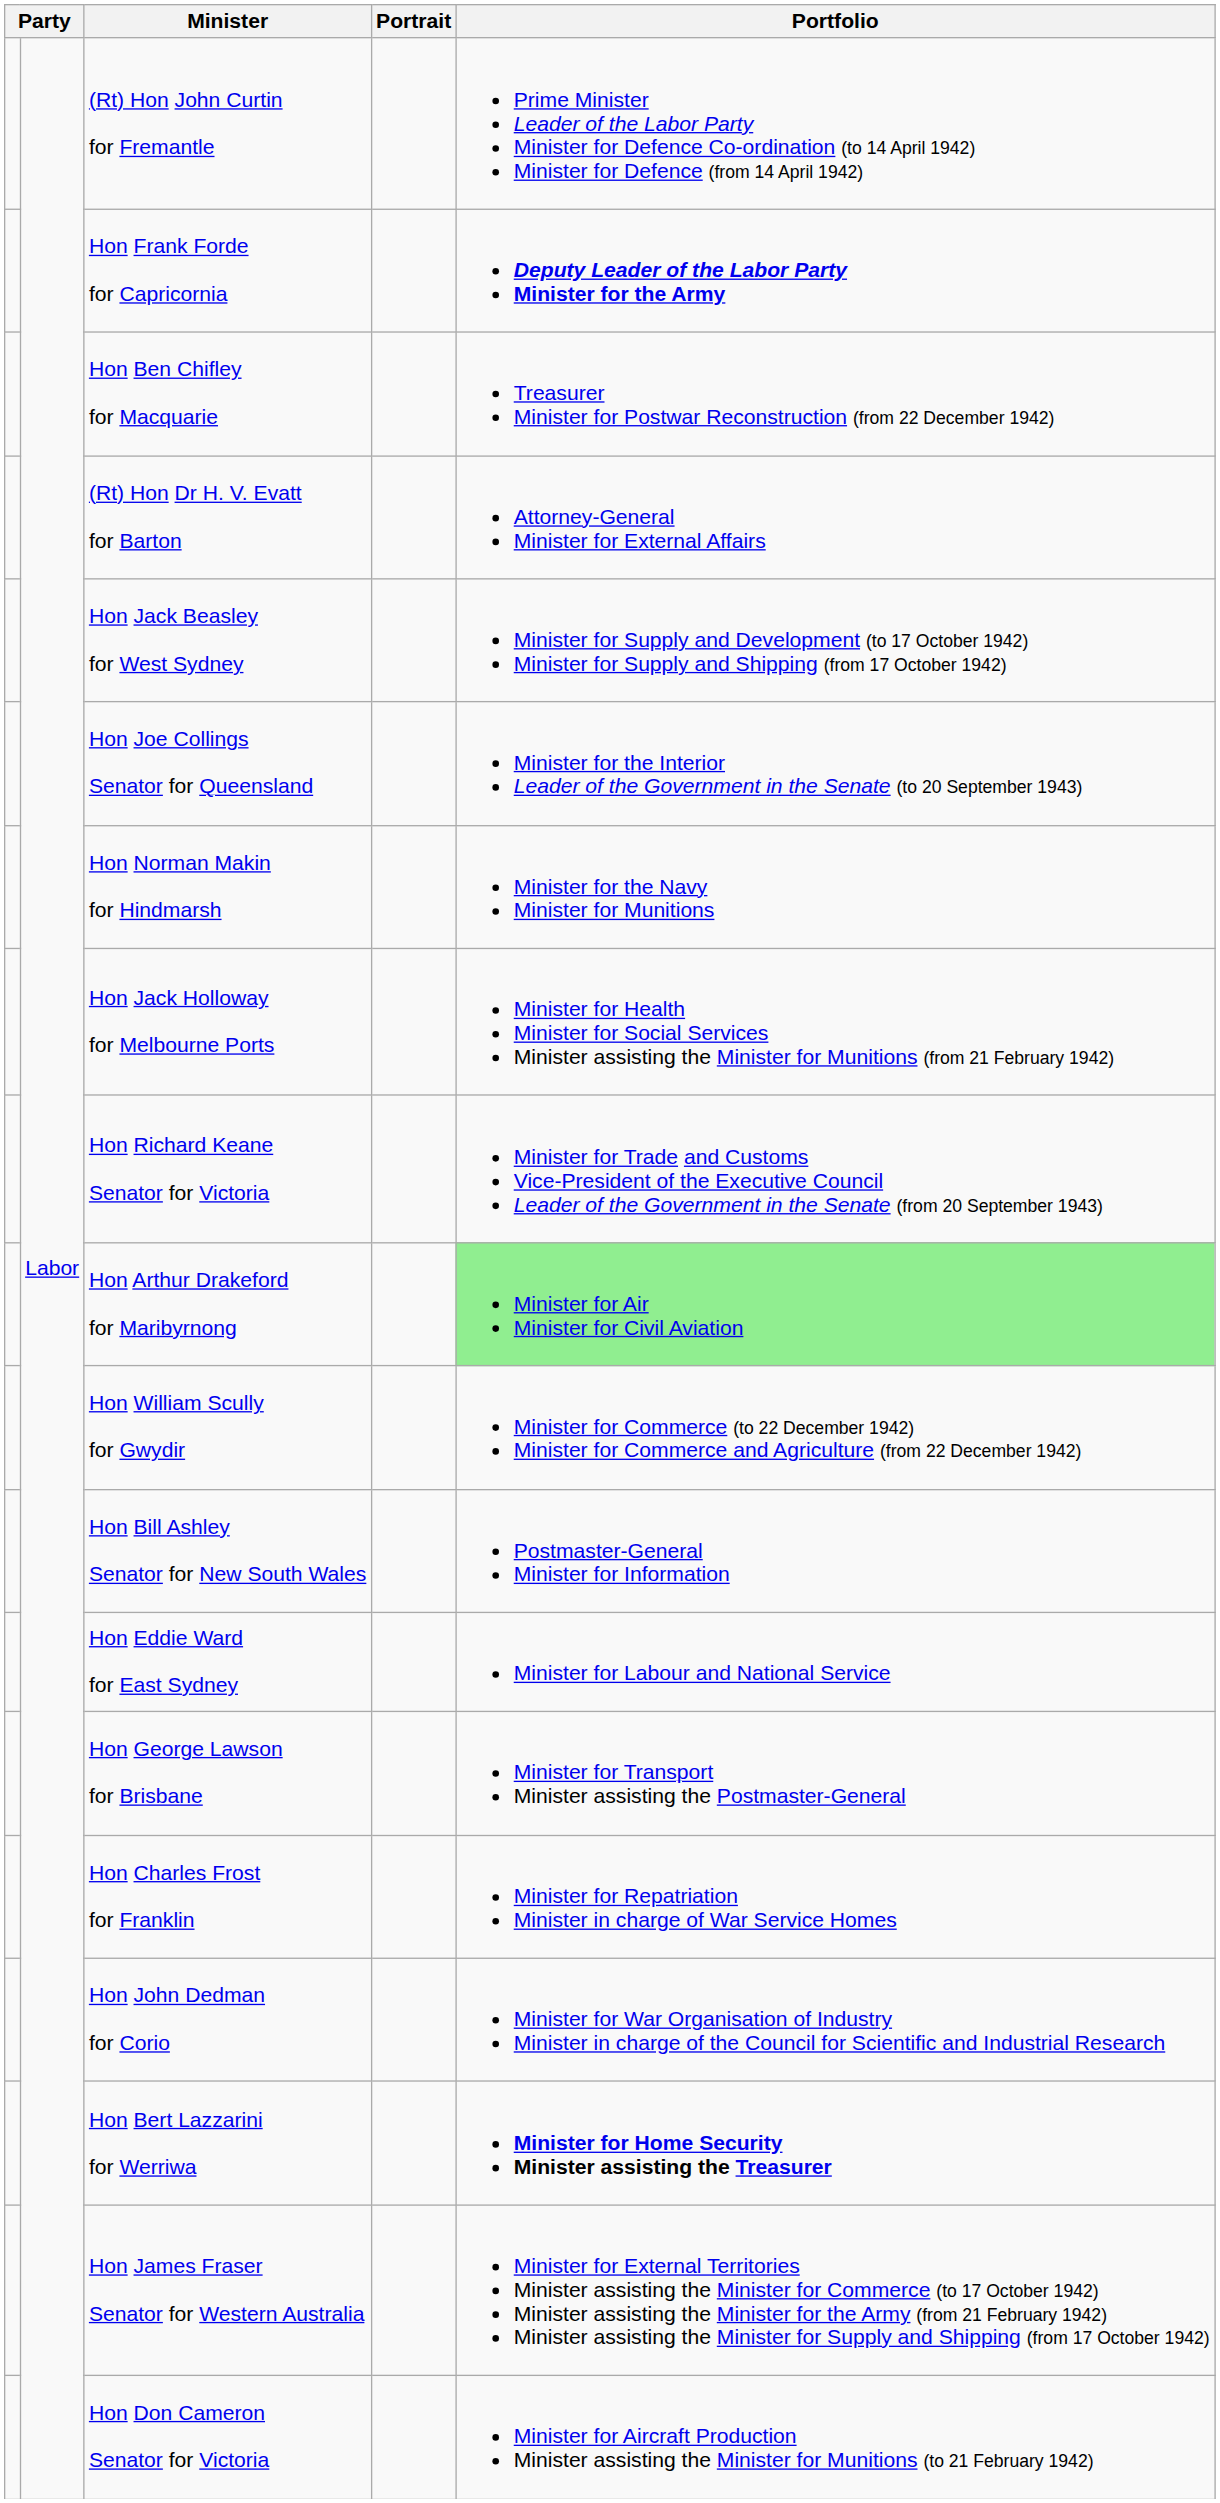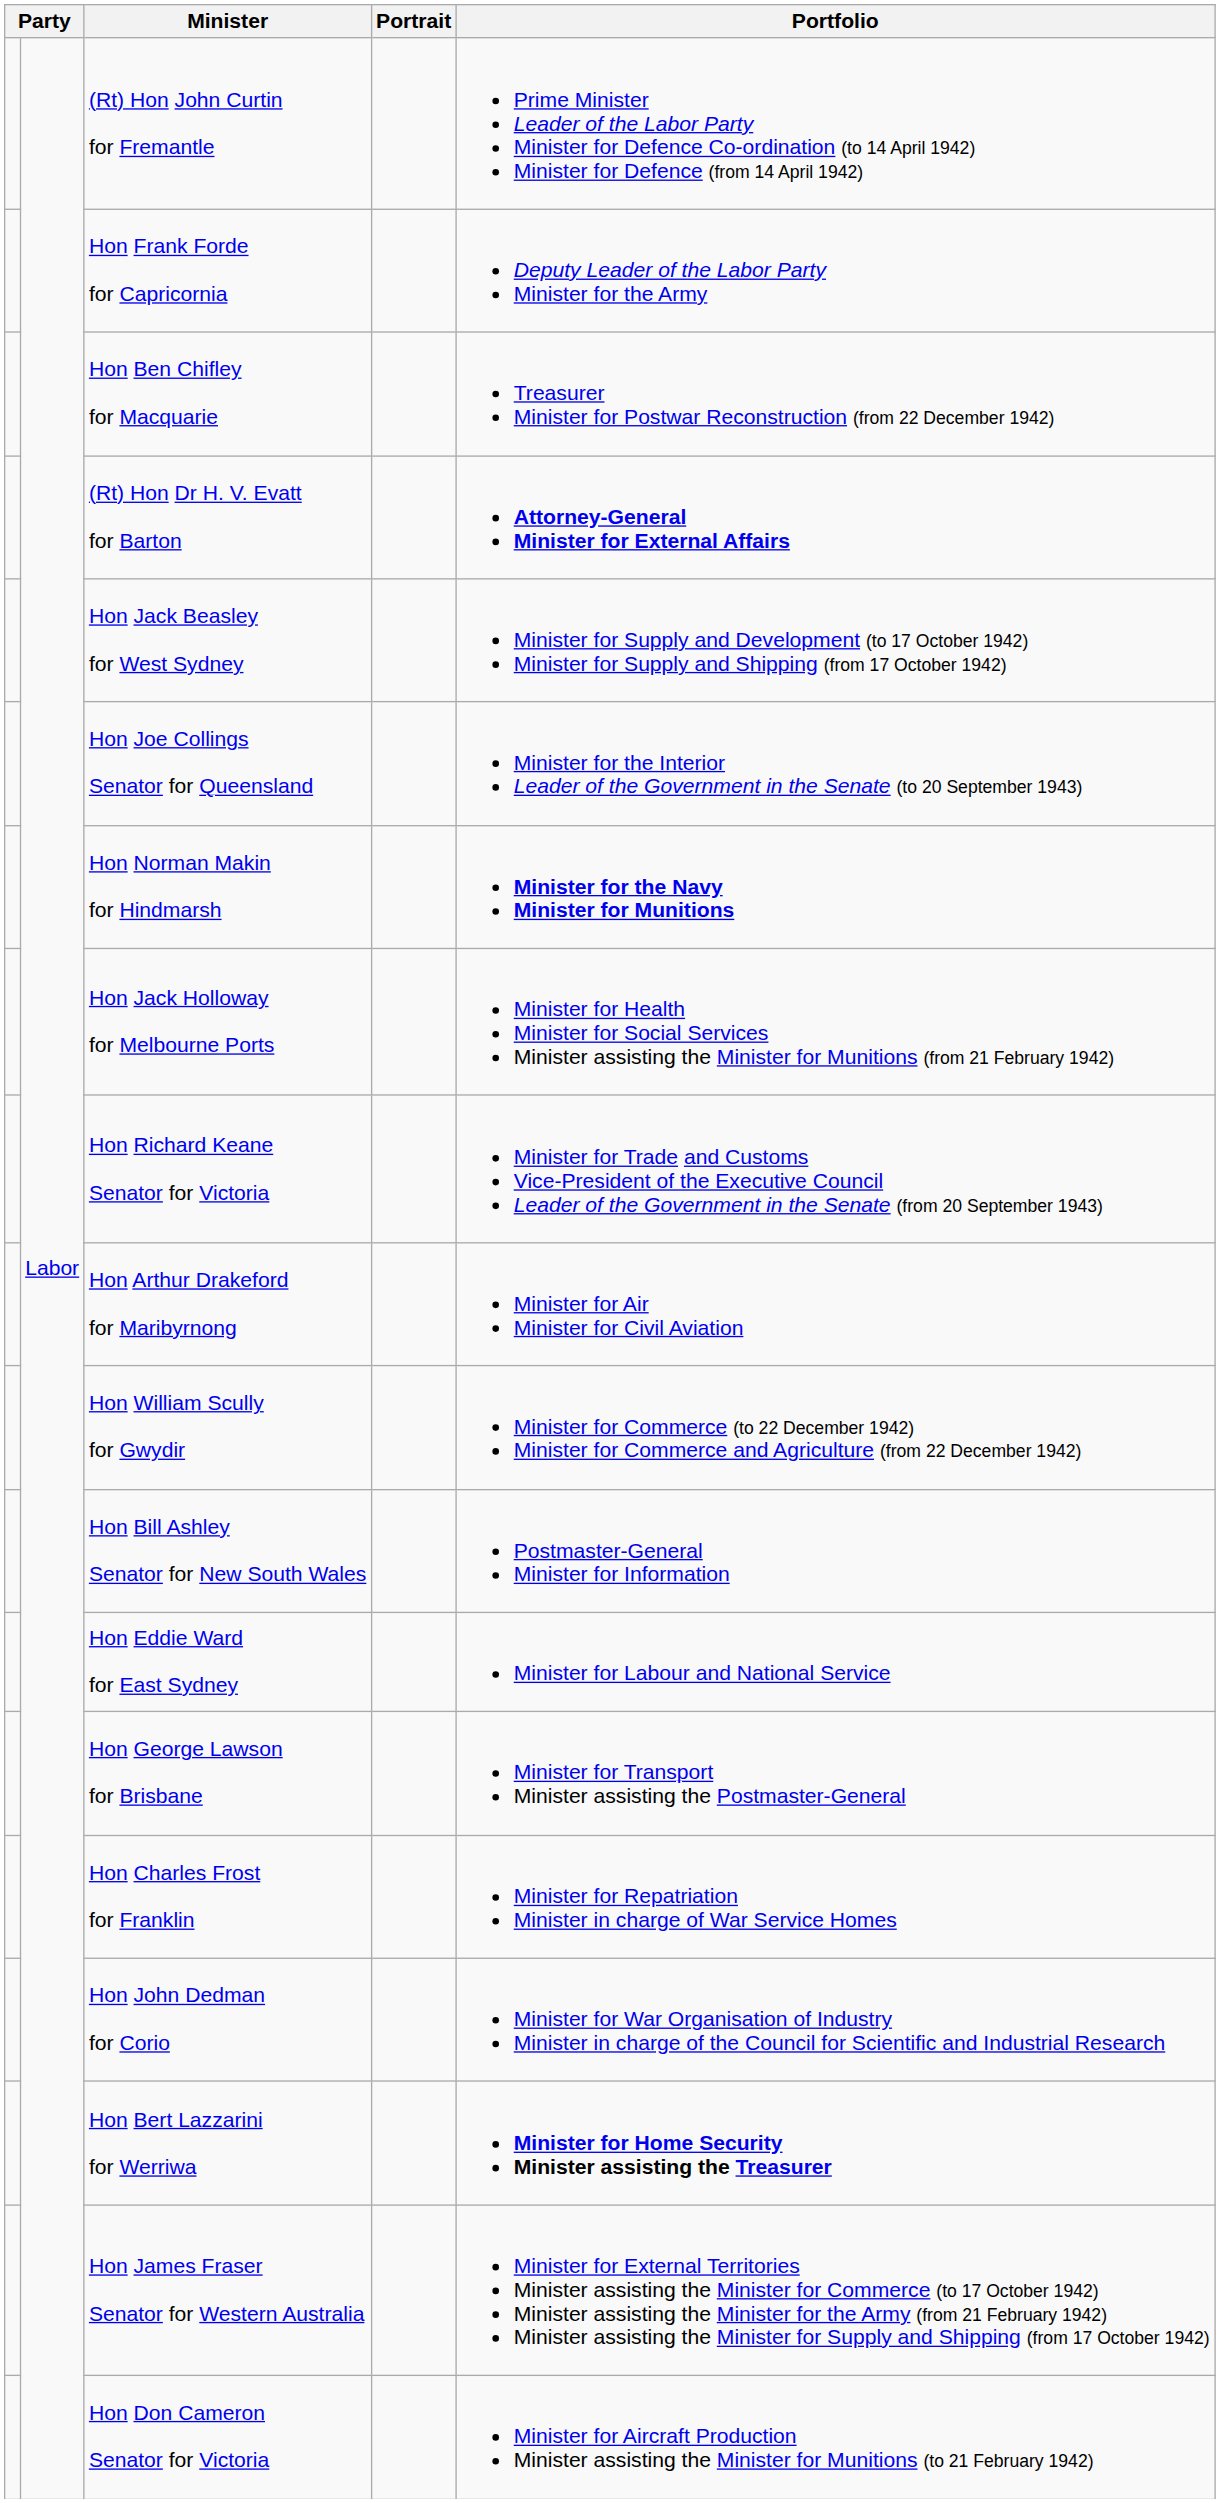 <table class="wikitable sortable">
 <tr>
 <th colspan="2">Party</th>
 <th>Minister</th>
 <th>Portrait</th>
 <th>Portfolio</th>
 </tr>
 <tr>
 <td> </td>
 <td rowspan=19><a href='#'>Labor</a></td>
 <td><a href='#'>(Rt) Hon</a> <a href='#'>John Curtin</a> <br><br> for <a href='#'>Fremantle</a> <br></td>
 <td></td>
 <td><br><ul><li><a href='#'>Prime Minister</a></li><li><em><a href='#'>Leader of the Labor Party</a></em></li><li><a href='#'>Minister for Defence Co-ordination</a> <small>(to 14 April 1942)</small></li><li><a href='#'>Minister for Defence</a> <small>(from 14 April 1942)</small></li></ul></td>
 </tr>
 <tr>
 <td> </td>
 <td><a href='#'>Hon</a> <a href='#'>Frank Forde</a> <br><br> for <a href='#'>Capricornia</a> <br></td>
 <td></td>
-<td><strong><br><ul><li><em><a href='#'>Deputy Leader of the Labor Party</a></em></li><li><a href='#'>Minister for the Army</a></li></ul></strong></td>
+<td><br><ul><li><em><a href='#'>Deputy Leader of the Labor Party</a></em></li><li><a href='#'>Minister for the Army</a></li></ul></td>
 </tr>
 <tr>
 <td> </td>
 <td><a href='#'>Hon</a> <a href='#'>Ben Chifley</a> <br><br> for <a href='#'>Macquarie</a> <br></td>
 <td></td>
 <td><br><ul><li><a href='#'>Treasurer</a></li><li><a href='#'>Minister for Postwar Reconstruction</a> <small>(from 22 December 1942)</small></li></ul></td>
 </tr>
 <tr>
 <td> </td>
 <td><a href='#'>(Rt) Hon</a> <a href='#'>Dr H. V. Evatt</a>  <br><br> for <a href='#'>Barton</a> <br></td>
 <td></td>
-<td><br><ul><li><a href='#'>Attorney-General</a></li><li><a href='#'>Minister for External Affairs</a></li></ul></td>
+<td><strong><br><ul><li><a href='#'>Attorney-General</a></li><li><a href='#'>Minister for External Affairs</a></li></ul></strong></td>
 </tr>
 <tr>
 <td> </td>
 <td><a href='#'>Hon</a> <a href='#'>Jack Beasley</a> <br><br> for <a href='#'>West Sydney</a> <br></td>
 <td></td>
 <td><br><ul><li><a href='#'>Minister for Supply and Development</a> <small>(to 17 October 1942)</small></li><li><a href='#'>Minister for Supply and Shipping</a> <small>(from 17 October 1942)</small></li></ul></td>
 </tr>
 <tr>
 <td> </td>
 <td><a href='#'>Hon</a> <a href='#'>Joe Collings</a> <br><br><a href='#'>Senator</a> for <a href='#'>Queensland</a> <br></td>
 <td></td>
 <td><br><ul><li><a href='#'>Minister for the Interior</a></li><li><em><a href='#'>Leader of the Government in the Senate</a></em> <small>(to 20 September 1943)</small></li></ul></td>
 </tr>
 <tr>
 <td> </td>
 <td><a href='#'>Hon</a> <a href='#'>Norman Makin</a> <br><br> for <a href='#'>Hindmarsh</a> <br></td>
 <td></td>
-<td><br><ul><li><a href='#'>Minister for the Navy</a></li><li><a href='#'>Minister for Munitions</a></li></ul></td>
+<td><strong><br><ul><li><a href='#'>Minister for the Navy</a></li><li><a href='#'>Minister for Munitions</a></li></ul></strong></td>
 </tr>
 <tr>
 <td> </td>
 <td><a href='#'>Hon</a> <a href='#'>Jack Holloway</a> <br><br> for <a href='#'>Melbourne Ports</a> <br></td>
 <td></td>
 <td><br><ul><li><a href='#'>Minister for Health</a></li><li><a href='#'>Minister for Social Services</a></li><li>Minister assisting the <a href='#'>Minister for Munitions</a> <small>(from 21 February 1942)</small></li></ul></td>
 </tr>
 <tr>
 <td> </td>
 <td><a href='#'>Hon</a> <a href='#'>Richard Keane</a> <br><br><a href='#'>Senator</a> for <a href='#'>Victoria</a> <br></td>
 <td></td>
 <td><br><ul><li><a href='#'>Minister for Trade</a> <a href='#'>and Customs</a></li><li><a href='#'>Vice-President of the Executive Council</a></li><li><em><a href='#'>Leader of the Government in the Senate</a></em> <small>(from 20 September 1943)</small></li></ul></td>
 </tr>
 <tr>
 <td> </td>
 <td><a href='#'>Hon</a> <a href='#'>Arthur Drakeford</a> <br><br> for <a href='#'>Maribyrnong</a> <br></td>
 <td></td>
-<td style="background: lightgreen;"><br><ul><li><a href='#'>Minister for Air</a></li><li><a href='#'>Minister for Civil Aviation</a></li></ul></td>
+<td><br><ul><li><a href='#'>Minister for Air</a></li><li><a href='#'>Minister for Civil Aviation</a></li></ul></td>
 </tr>
 <tr>
 <td> </td>
 <td><a href='#'>Hon</a> <a href='#'>William Scully</a> <br><br> for <a href='#'>Gwydir</a> <br></td>
 <td></td>
 <td><br><ul><li><a href='#'>Minister for Commerce</a> <small>(to 22 December 1942)</small></li><li><a href='#'>Minister for Commerce and Agriculture</a> <small>(from 22 December 1942)</small></li></ul></td>
 </tr>
 <tr>
 <td> </td>
 <td><a href='#'>Hon</a> <a href='#'>Bill Ashley</a> <br><br><a href='#'>Senator</a> for <a href='#'>New South Wales</a> <br></td>
 <td></td>
 <td><br><ul><li><a href='#'>Postmaster-General</a></li><li><a href='#'>Minister for Information</a></li></ul></td>
 </tr>
 <tr>
 <td> </td>
 <td><a href='#'>Hon</a> <a href='#'>Eddie Ward</a> <br><br> for <a href='#'>East Sydney</a> <br></td>
 <td></td>
 <td><br><ul><li><a href='#'>Minister for Labour and National Service</a></li></ul></td>
 </tr>
 <tr>
 <td> </td>
 <td><a href='#'>Hon</a> <a href='#'>George Lawson</a> <br><br> for <a href='#'>Brisbane</a> <br></td>
 <td></td>
 <td><br><ul><li><a href='#'>Minister for Transport</a></li><li>Minister assisting the <a href='#'>Postmaster-General</a></li></ul></td>
 </tr>
 <tr>
 <td> </td>
 <td><a href='#'>Hon</a> <a href='#'>Charles Frost</a> <br><br> for <a href='#'>Franklin</a> <br></td>
 <td></td>
 <td><br><ul><li><a href='#'>Minister for Repatriation</a></li><li><a href='#'>Minister in charge of War Service Homes</a></li></ul></td>
 </tr>
 <tr>
 <td> </td>
 <td><a href='#'>Hon</a> <a href='#'>John Dedman</a> <br><br> for <a href='#'>Corio</a> <br></td>
 <td></td>
 <td><br><ul><li><a href='#'>Minister for War Organisation of Industry</a></li><li><a href='#'>Minister in charge of the Council for Scientific and Industrial Research</a></li></ul></td>
 </tr>
 <tr>
 <td> </td>
 <td><a href='#'>Hon</a> <a href='#'>Bert Lazzarini</a> <br><br> for <a href='#'>Werriwa</a> <br></td>
 <td></td>
 <td><strong><br><ul><li><a href='#'>Minister for Home Security</a></li><li>Minister assisting the <a href='#'>Treasurer</a></li></ul></strong></td>
 </tr>
 <tr>
 <td> </td>
 <td><a href='#'>Hon</a> <a href='#'>James Fraser</a> <br><br><a href='#'>Senator</a> for <a href='#'>Western Australia</a> <br></td>
 <td></td>
 <td><br><ul><li><a href='#'>Minister for External Territories</a></li><li>Minister assisting the <a href='#'>Minister for Commerce</a> <small>(to 17 October 1942)</small></li><li>Minister assisting the <a href='#'>Minister for the Army</a> <small>(from 21 February 1942)</small></li><li>Minister assisting the <a href='#'>Minister for Supply and Shipping</a> <small>(from 17 October 1942)</small></li></ul></td>
 </tr>
 <tr>
 <td> </td>
 <td><a href='#'>Hon</a> <a href='#'>Don Cameron</a> <br><br><a href='#'>Senator</a> for <a href='#'>Victoria</a> <br></td>
 <td></td>
 <td><br><ul><li><a href='#'>Minister for Aircraft Production</a></li><li>Minister assisting the <a href='#'>Minister for Munitions</a> <small>(to 21 February 1942)</small></li></ul></td>
 </tr>
 </table>
